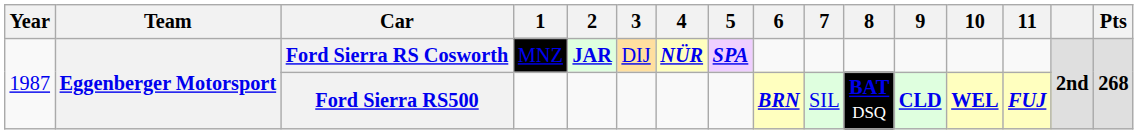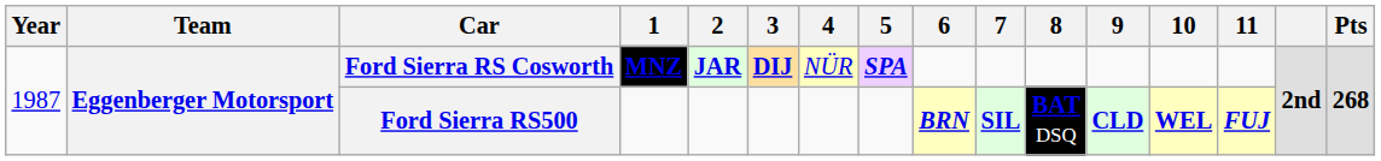 <table class="wikitable" style="text-align:center; font-size:90%">
 <tr>
 <th>Year</th>
 <th>Team</th>
 <th>Car</th>
 <th>1</th>
 <th>2</th>
 <th>3</th>
 <th>4</th>
 <th>5</th>
 <th>6</th>
 <th>7</th>
 <th>8</th>
 <th>9</th>
 <th>10</th>
 <th>11</th>
 <th></th>
 <th>Pts</th>
 </tr>
 <tr>
 <td rowspan=2><a href='#'>1987</a></td>
 <th rowspan=2><a href='#'>Eggenberger Motorsport</a></th>
 <th><a href='#'>Ford Sierra RS Cosworth</a></th>
-<td style="background:#000000; color:white"><a href='#'><span>MNZ</span></a><br></td>
+<td style="background:#000000; color:white"><strong><a href='#'><span>MNZ</span></a><br></strong></td>
 <td style="background:#dfffdf;"><strong><a href='#'>JAR</a></strong><br></td>
-<td style="background:#ffdf9f;"><a href='#'>DIJ</a><br></td>
-<td style="background:#ffffbf;"><strong><em><a href='#'>NÜR</a></em><br></strong></td>
+<td style="background:#ffdf9f;"><strong><a href='#'>DIJ</a><br></strong></td>
+<td style="background:#ffffbf;"><em><a href='#'>NÜR</a></em><br></td>
 <td style="background:#efcfff;"><strong><em><a href='#'>SPA</a></em></strong><br></td>
 <td></td>
 <td></td>
 <td></td>
 <td></td>
 <td></td>
 <td></td>
 <th rowspan=2 style="background:#dfdfdf;">2nd</th>
 <th rowspan=2 style="background:#dfdfdf;">268</th>
 </tr>
 <tr>
 <th><a href='#'>Ford Sierra RS500</a></th>
 <td></td>
 <td></td>
 <td></td>
 <td></td>
 <td></td>
 <td style="background:#ffffbf;"><strong><em><a href='#'>BRN</a></em></strong><br></td>
-<td style="background:#dfffdf;"><a href='#'>SIL</a><br></td>
+<td style="background:#dfffdf;"><strong><a href='#'>SIL</a><br></strong></td>
 <td style="background:#000000; color:white"><strong><a href='#'><span>BAT</span></a></strong><br><small>DSQ</small></td>
 <td style="background:#dfffdf;"><strong><a href='#'>CLD</a></strong><br></td>
 <td style="background:#ffffbf;"><strong><a href='#'>WEL</a></strong><br></td>
 <td style="background:#ffffbf;"><strong><em><a href='#'>FUJ</a></em></strong><br></td>
 </tr>
 </table>
